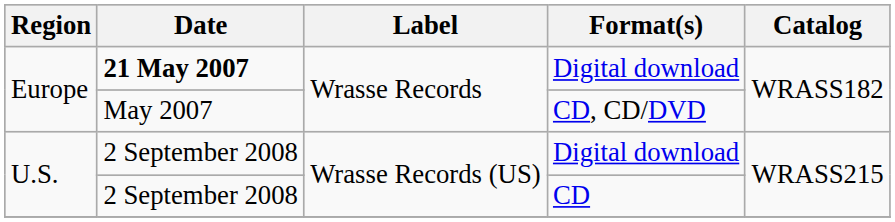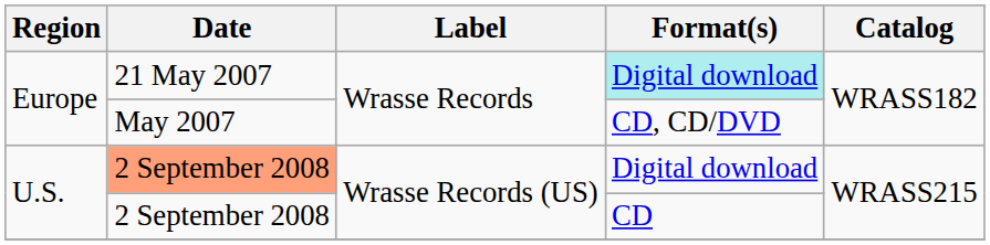 <table class="wikitable">
 <tr>
 <th>Region</th>
 <th>Date</th>
 <th>Label</th>
 <th>Format(s)</th>
 <th>Catalog</th>
 </tr>
 <tr>
 <td rowspan=2>Europe</td>
-<td><strong>21 May 2007</strong></td>
+<td>21 May 2007</td>
 <td rowspan=2>Wrasse Records</td>
-<td><a href='#'>Digital download</a></td>
+<td style="background: paleturquoise;"><a href='#'>Digital download</a></td>
 <td rowspan=2>WRASS182</td>
 </tr>
 <tr>
 <td>May 2007</td>
 <td><a href='#'>CD</a>, CD/<a href='#'>DVD</a></td>
 </tr>
 <tr>
 <td rowspan=2>U.S.</td>
-<td>2 September 2008</td>
+<td style="background: lightsalmon;">2 September 2008</td>
 <td rowspan=2>Wrasse Records (US)</td>
 <td><a href='#'>Digital download</a></td>
 <td rowspan=2>WRASS215</td>
 </tr>
 <tr>
 <td>2 September 2008</td>
 <td><a href='#'>CD</a></td>
 </tr>
 <tr>
 </tr>
 </table>
